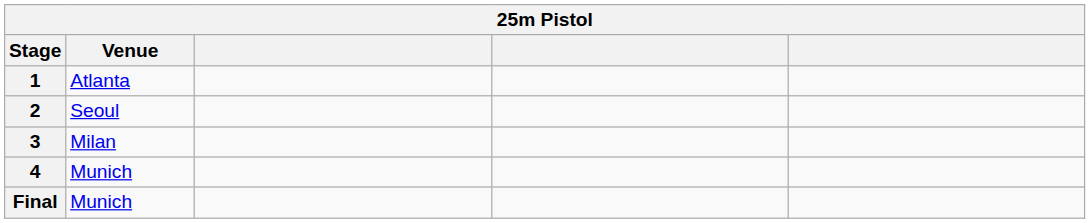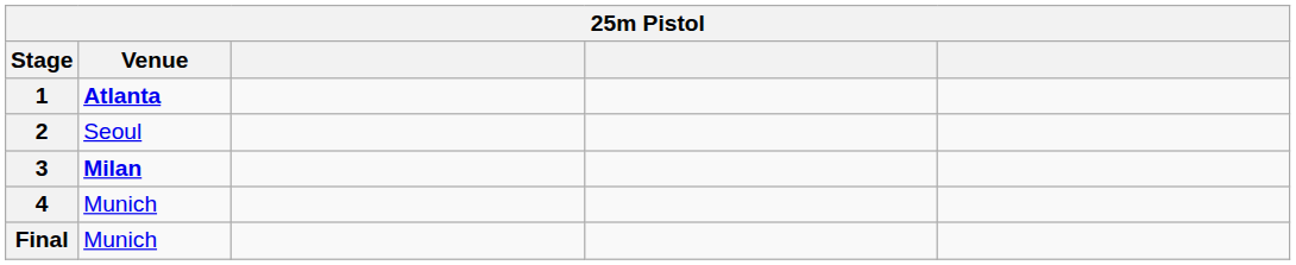 <table class="wikitable">
 <tr>
 <th colspan="5">25m Pistol</th>
 </tr>
 <tr>
 <th>Stage</th>
 <th width=100>Venue</th>
 <th width=240></th>
 <th width=240></th>
 <th width=240></th>
 </tr>
 <tr>
 <th>1</th>
-<td> <a href='#'>Atlanta</a></td>
+<td><strong> <a href='#'>Atlanta</a></strong></td>
 <td></td>
 <td></td>
 <td></td>
 </tr>
 <tr>
 <th>2</th>
 <td> <a href='#'>Seoul</a></td>
 <td></td>
 <td></td>
 <td></td>
 </tr>
 <tr>
 <th>3</th>
-<td> <a href='#'>Milan</a></td>
+<td><strong> <a href='#'>Milan</a></strong></td>
 <td></td>
 <td></td>
 <td></td>
 </tr>
 <tr>
 <th>4</th>
 <td> <a href='#'>Munich</a></td>
 <td></td>
 <td></td>
 <td></td>
 </tr>
 <tr>
 <th>Final</th>
 <td> <a href='#'>Munich</a></td>
 <td></td>
 <td></td>
 <td></td>
 </tr>
 </table>
